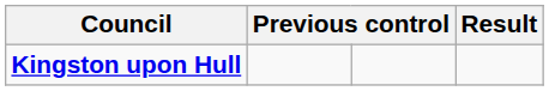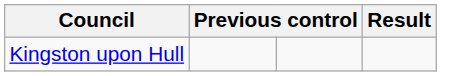 <table class="wikitable">
 <tr>
 <th scope="col">Council</th>
 <th colspan=2>Previous control</th>
 <th colspan=2>Result</th>
 </tr>
 <tr>
-<td scope="row" style="text-align: left;"><strong><a href='#'>Kingston upon Hull</a></strong></td>
+<td scope="row" style="text-align: left;"><a href='#'>Kingston upon Hull</a></td>
 <td></td>
 <td></td>
 </tr>
 </table>
